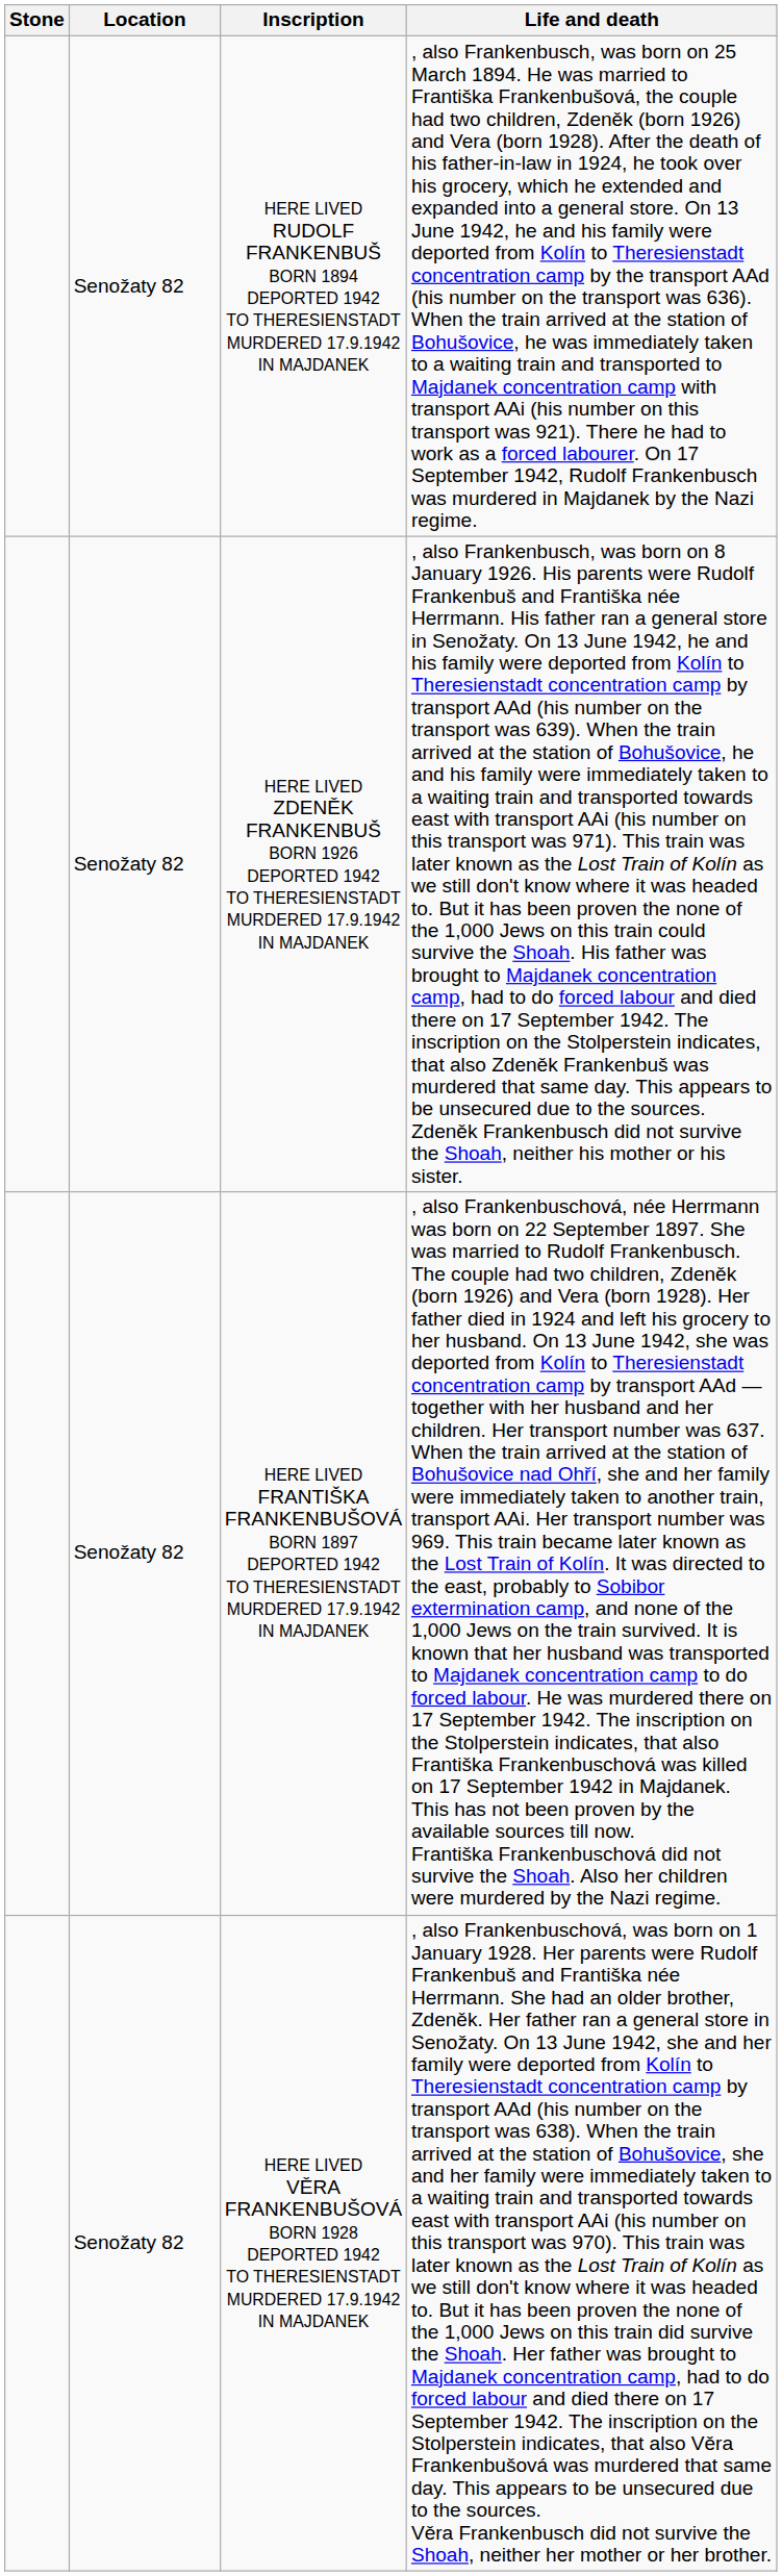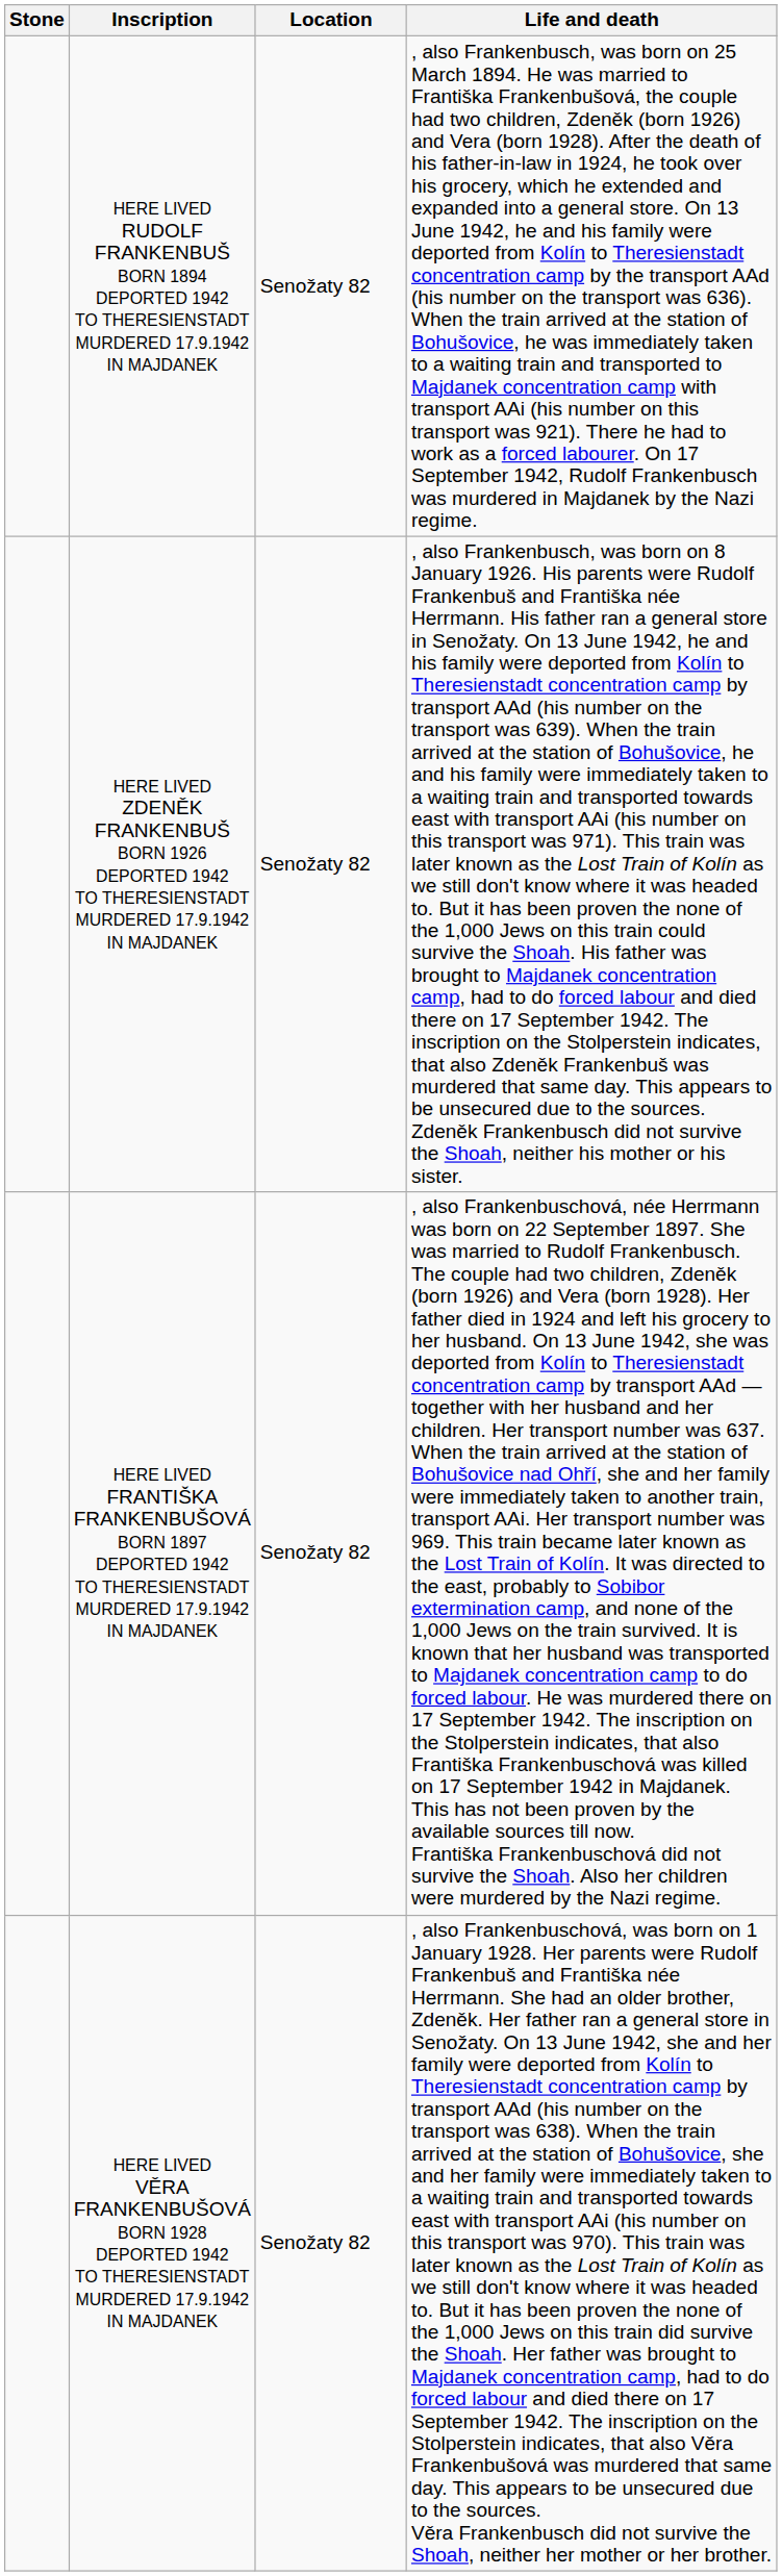 <table class="wikitable sortable toptextcells" style="width:100%">
 <tr>
 <th class="hintergrundfarbe6 unsortable" width="120px">Stone</th>
+<th class="hintergrundfarbe6 unsortable" style ="width:22%;">Inscription</th>
 <th class="hintergrundfarbe6" data-sort-type="text" style ="width:22%;">Location</th>
-<th class="hintergrundfarbe6 unsortable" style ="width:22%;">Inscription</th>
 <th class="hintergrundfarbe6" style="width:100%;">Life and death</th>
 </tr>
 <tr>
 <td></td>
+<td style="text-align:center"><div><small>HERE LIVED</small><br>RUDOLF<br>FRANKENBUŠ<br><small>BORN 1894<br>DEPORTED 1942<br>TO THERESIENSTADT<br>MURDERED 17.9.1942<br>IN MAJDANEK</small></div></td>
 <td>Senožaty 82<br></td>
-<td style="text-align:center"><div><small>HERE LIVED</small><br>RUDOLF<br>FRANKENBUŠ<br><small>BORN 1894<br>DEPORTED 1942<br>TO THERESIENSTADT<br>MURDERED 17.9.1942<br>IN MAJDANEK</small></div></td>
 <td><strong></strong>, also Frankenbusch, was born on 25 March 1894. He was married to Františka Frankenbušová, the couple had two children, Zdeněk (born 1926) and Vera (born 1928). After the death of his father-in-law in 1924, he took over his grocery, which he extended and expanded into a general store. On 13 June 1942, he and his family were deported from <a href='#'>Kolín</a> to <a href='#'>Theresienstadt concentration camp</a> by the transport AAd (his number on the transport was 636). When the train arrived at the station of <a href='#'>Bohušovice</a>, he was immediately taken to a waiting train and transported to <a href='#'>Majdanek concentration camp</a> with transport AAi (his number on this transport was 921). There he had to work as a <a href='#'>forced labourer</a>. On 17 September 1942, Rudolf Frankenbusch was murdered in Majdanek by the Nazi regime.</td>
 </tr>
 <tr>
 <td></td>
+<td style="text-align:center"><div><small>HERE LIVED</small><br>ZDENĚK<br>FRANKENBUŠ<br><small>BORN 1926<br>DEPORTED 1942<br>TO THERESIENSTADT<br>MURDERED 17.9.1942<br>IN MAJDANEK</small></div></td>
 <td>Senožaty 82<br></td>
-<td style="text-align:center"><div><small>HERE LIVED</small><br>ZDENĚK<br>FRANKENBUŠ<br><small>BORN 1926<br>DEPORTED 1942<br>TO THERESIENSTADT<br>MURDERED 17.9.1942<br>IN MAJDANEK</small></div></td>
 <td><strong></strong>, also Frankenbusch, was born on 8 January 1926. His parents were Rudolf Frankenbuš and Františka née Herrmann. His father ran a general store in Senožaty. On 13 June 1942, he and his family were deported from <a href='#'>Kolín</a> to <a href='#'>Theresienstadt concentration camp</a> by transport AAd (his number on the transport was 639). When the train arrived at the station of <a href='#'>Bohušovice</a>, he and his family were immediately taken to a waiting train and transported towards east with transport AAi (his number on this transport was 971). This train was later known as the <em>Lost Train of Kolín</em> as we still don't know where it was headed to. But it has been proven the none of the 1,000 Jews on this train could survive the <a href='#'>Shoah</a>. His father was brought to <a href='#'>Majdanek concentration camp</a>, had to do <a href='#'>forced labour</a> and died there on 17 September 1942. The inscription on the Stolperstein indicates, that also Zdeněk Frankenbuš was murdered that same day. This appears to be unsecured due to the sources.<br>Zdeněk Frankenbusch did not survive the <a href='#'>Shoah</a>, neither his mother or his sister.</td>
 </tr>
 <tr>
 <td></td>
+<td style="text-align:center"><div><small>HERE LIVED</small><br>FRANTIŠKA<br>FRANKENBUŠOVÁ<br><small>BORN 1897<br>DEPORTED 1942<br>TO THERESIENSTADT<br>MURDERED 17.9.1942<br>IN MAJDANEK</small></div></td>
 <td>Senožaty 82<br></td>
-<td style="text-align:center"><div><small>HERE LIVED</small><br>FRANTIŠKA<br>FRANKENBUŠOVÁ<br><small>BORN 1897<br>DEPORTED 1942<br>TO THERESIENSTADT<br>MURDERED 17.9.1942<br>IN MAJDANEK</small></div></td>
 <td><strong></strong>, also Frankenbuschová, née Herrmann was born on 22 September 1897. She was married to Rudolf Frankenbusch. The couple had two children,  Zdeněk (born 1926) and Vera (born 1928). Her father died in 1924 and left his grocery to her husband. On 13 June 1942, she was deported from <a href='#'>Kolín</a> to <a href='#'>Theresienstadt concentration camp</a> by transport AAd — together with her husband and her children. Her transport number was 637. When the train arrived at the station of <a href='#'>Bohušovice nad Ohří</a>, she and her family were immediately taken to another train, transport AAi. Her transport number was 969. This train became later known as the <a href='#'>Lost Train of Kolín</a>. It was directed to the east, probably to <a href='#'>Sobibor extermination camp</a>, and none of the 1,000 Jews on the train survived. It is known that her husband was transported to <a href='#'>Majdanek concentration camp</a> to do <a href='#'>forced labour</a>. He was murdered there on 17 September 1942. The inscription on the Stolperstein indicates, that also Františka Frankenbuschová was killed on 17 September 1942 in Majdanek. This has not been proven by the available sources till now.<br>Františka Frankenbuschová did not survive the <a href='#'>Shoah</a>. Also her children were murdered by the Nazi regime.</td>
 </tr>
 <tr>
 <td></td>
+<td style="text-align:center"><div><small>HERE LIVED</small><br>VĚRA<br>FRANKENBUŠOVÁ<br><small>BORN 1928<br>DEPORTED 1942<br>TO THERESIENSTADT<br>MURDERED 17.9.1942<br>IN MAJDANEK</small></div></td>
 <td>Senožaty 82<br></td>
-<td style="text-align:center"><div><small>HERE LIVED</small><br>VĚRA<br>FRANKENBUŠOVÁ<br><small>BORN 1928<br>DEPORTED 1942<br>TO THERESIENSTADT<br>MURDERED 17.9.1942<br>IN MAJDANEK</small></div></td>
 <td><strong></strong>, also Frankenbuschová, was born on 1 January 1928. Her parents were Rudolf Frankenbuš and Františka née Herrmann. She had an older brother, Zdeněk. Her father ran a general store in Senožaty. On 13 June 1942, she and her family were deported from <a href='#'>Kolín</a> to <a href='#'>Theresienstadt concentration camp</a> by transport AAd (his number on the transport was 638). When the train arrived at the station of <a href='#'>Bohušovice</a>, she and her family were immediately taken to a waiting train and transported towards east with transport AAi (his number on this transport was 970). This train was later known as the <em>Lost Train of Kolín</em> as we still don't know where it was headed to. But it has been proven the none of the 1,000 Jews on this train did survive the <a href='#'>Shoah</a>. Her father was brought to <a href='#'>Majdanek concentration camp</a>, had to do <a href='#'>forced labour</a> and died there on 17 September 1942. The inscription on the Stolperstein indicates, that also Věra Frankenbušová was murdered that same day. This appears to be unsecured due to the sources.<br>Věra Frankenbusch did not survive the <a href='#'>Shoah</a>, neither her mother or her brother.</td>
 </tr>
 </table>
